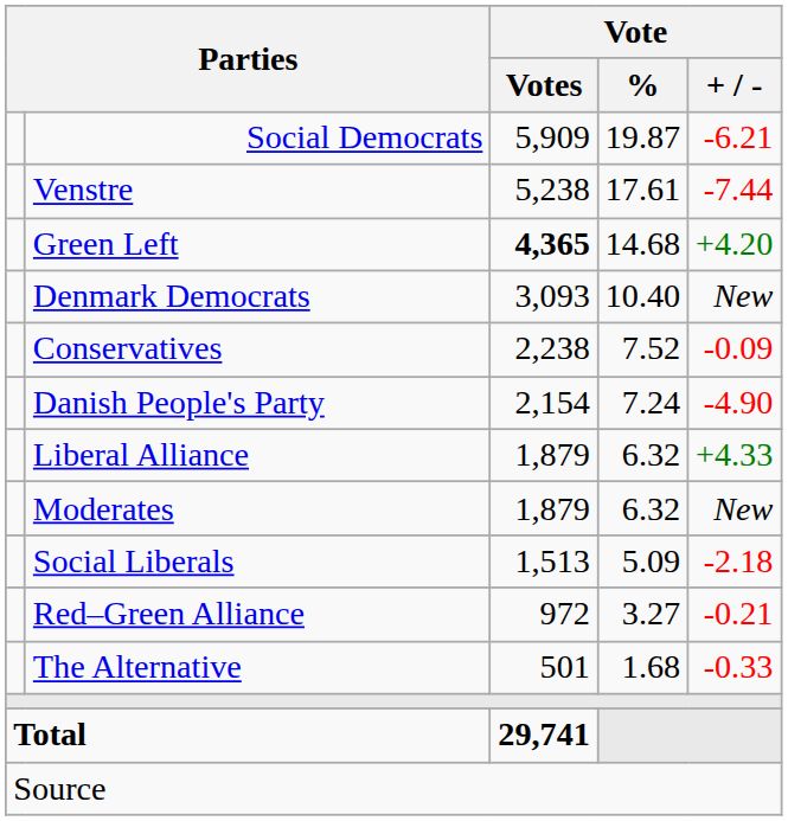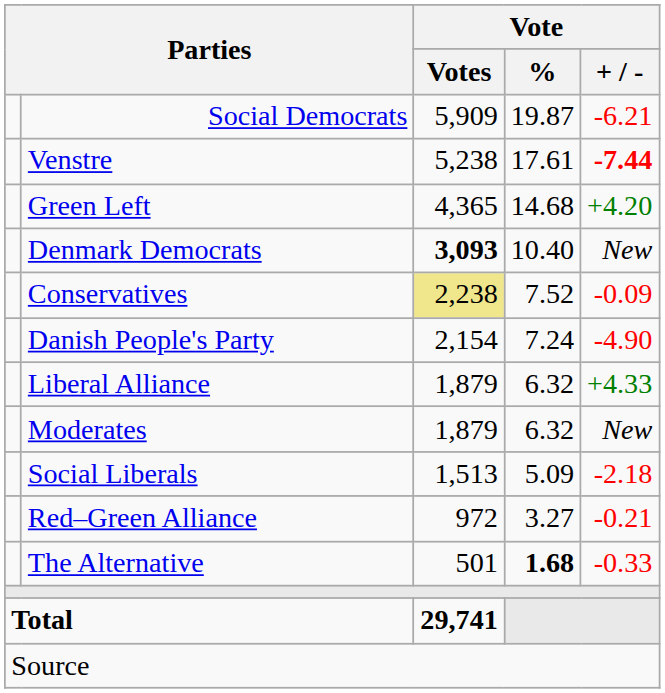 <table class="wikitable" style="text-align:right;">
 <tr>
 <th style="text-align:centre;" rowspan="2" colspan="2" width="225">Parties</th>
 <th colspan="3">Vote</th>
 </tr>
 <tr>
 <th width="15">Votes</th>
 <th width="15">%</th>
 <th width="15">+ / -</th>
 </tr>
 <tr>
 <td width=2 bgcolor=></td>
 <td><a href='#'>Social Democrats</a></td>
 <td>5,909</td>
 <td>19.87</td>
 <td style=color:red;>-6.21</td>
 </tr>
 <tr>
 <td width=2 bgcolor=></td>
 <td align=left><a href='#'>Venstre</a></td>
 <td>5,238</td>
 <td>17.61</td>
-<td style=color:red;>-7.44</td>
+<td style=color:red;><strong>-7.44</strong></td>
 </tr>
 <tr>
 <td width=2 bgcolor=></td>
 <td align=left><a href='#'>Green Left</a></td>
-<td><strong>4,365</strong></td>
+<td>4,365</td>
 <td>14.68</td>
 <td style=color:green;>+4.20</td>
 </tr>
 <tr>
 <td width=2 bgcolor=></td>
 <td align=left><a href='#'>Denmark Democrats</a></td>
-<td>3,093</td>
+<td><strong>3,093</strong></td>
 <td>10.40</td>
 <td><em>New</em></td>
 </tr>
 <tr>
 <td width=2 bgcolor=></td>
 <td align=left><a href='#'>Conservatives</a></td>
-<td>2,238</td>
+<td style="background: khaki;">2,238</td>
 <td>7.52</td>
 <td style=color:red;>-0.09</td>
 </tr>
 <tr>
 <td width=2 bgcolor=></td>
 <td align=left><a href='#'>Danish People's Party</a></td>
 <td>2,154</td>
 <td>7.24</td>
 <td style=color:red;>-4.90</td>
 </tr>
 <tr>
 <td width=2 bgcolor=></td>
 <td align=left><a href='#'>Liberal Alliance</a></td>
 <td>1,879</td>
 <td>6.32</td>
 <td style=color:green;>+4.33</td>
 </tr>
 <tr>
 <td width=2 bgcolor=></td>
 <td align=left><a href='#'>Moderates</a></td>
 <td>1,879</td>
 <td>6.32</td>
 <td><em>New</em></td>
 </tr>
 <tr>
 <td width=2 bgcolor=></td>
 <td align=left><a href='#'>Social Liberals</a></td>
 <td>1,513</td>
 <td>5.09</td>
 <td style=color:red;>-2.18</td>
 </tr>
 <tr>
 <td width=2 bgcolor=></td>
 <td align=left><a href='#'>Red–Green Alliance</a></td>
 <td>972</td>
 <td>3.27</td>
 <td style=color:red;>-0.21</td>
 </tr>
 <tr>
 <td width=2 bgcolor=></td>
 <td align=left><a href='#'>The Alternative</a></td>
 <td>501</td>
-<td>1.68</td>
+<td><strong>1.68</strong></td>
 <td style=color:red;>-0.33</td>
 </tr>
 <tr>
 <td colspan="7" bgcolor="#E9E9E9"></td>
 </tr>
 <tr>
 <td align="left" colspan="2"><strong>Total</strong></td>
 <td><strong>29,741</strong></td>
 <td bgcolor=#E9E9E9 colspan=2></td>
 </tr>
 <tr>
 <td align="left" colspan="6">Source</td>
 </tr>
 </table>
